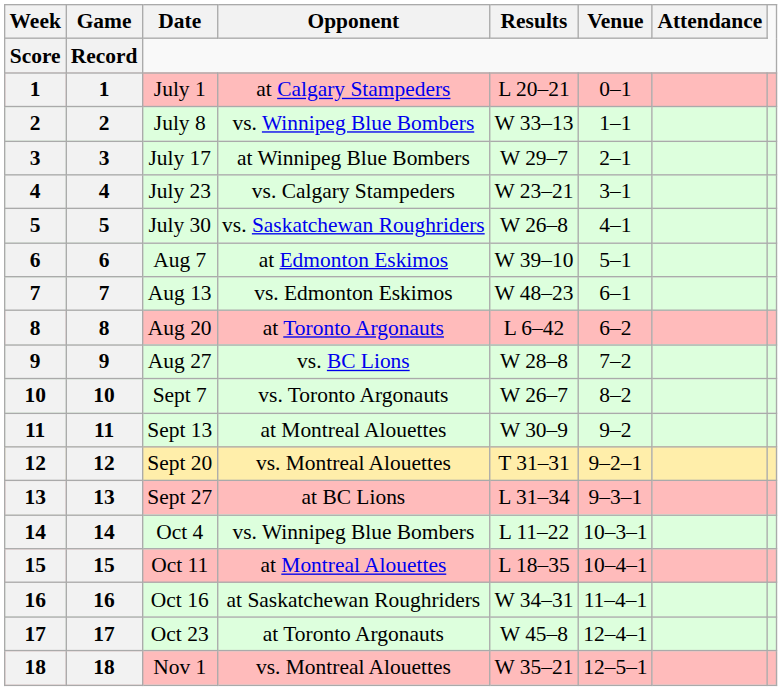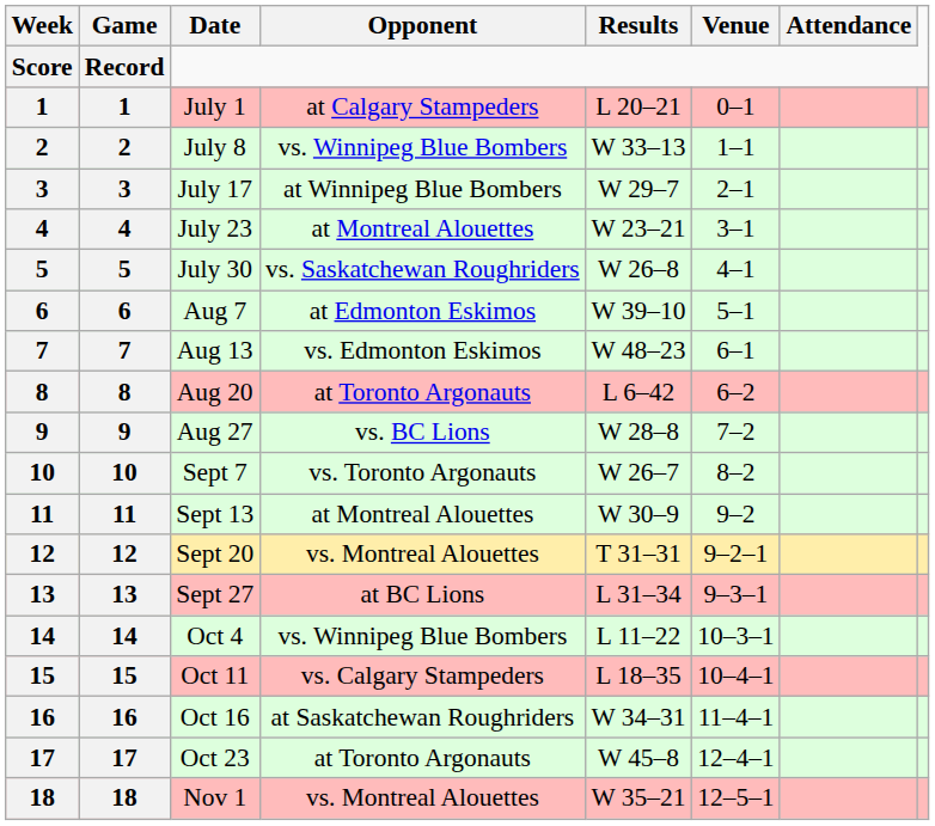 <table class="wikitable" style="text-align:center">
 <tr>
 <th>Week</th>
 <th>Game</th>
 <th>Date</th>
 <th>Opponent</th>
 <th>Results</th>
 <th>Venue</th>
 <th>Attendance</th>
 </tr>
 <tr>
 <th>Score</th>
 <th>Record</th>
 </tr>
 <tr style="background:#ffbbbb">
 <th>1</th>
 <th>1</th>
 <td>July 1</td>
 <td>at <a href='#'>Calgary Stampeders</a></td>
 <td>L 20–21</td>
 <td>0–1</td>
 <td></td>
 <td></td>
 </tr>
 <tr style="background:#ddffdd">
 <th>2</th>
 <th>2</th>
 <td>July 8</td>
 <td>vs. <a href='#'>Winnipeg Blue Bombers</a></td>
 <td>W 33–13</td>
 <td>1–1</td>
 <td></td>
 <td></td>
 </tr>
 <tr style="background:#ddffdd">
 <th>3</th>
 <th>3</th>
 <td>July 17</td>
 <td>at Winnipeg Blue Bombers</td>
 <td>W 29–7</td>
 <td>2–1</td>
 <td></td>
 <td></td>
 </tr>
 <tr style="background:#ddffdd">
 <th>4</th>
 <th>4</th>
 <td>July 23</td>
-<td>vs. Calgary Stampeders</td>
+<td>at <a href='#'>Montreal Alouettes</a></td>
 <td>W 23–21</td>
 <td>3–1</td>
 <td></td>
 <td></td>
 </tr>
 <tr style="background:#ddffdd">
 <th>5</th>
 <th>5</th>
 <td>July 30</td>
 <td>vs. <a href='#'>Saskatchewan Roughriders</a></td>
 <td>W 26–8</td>
 <td>4–1</td>
 <td></td>
 <td></td>
 </tr>
 <tr style="background:#ddffdd">
 <th>6</th>
 <th>6</th>
 <td>Aug 7</td>
 <td>at <a href='#'>Edmonton Eskimos</a></td>
 <td>W 39–10</td>
 <td>5–1</td>
 <td></td>
 <td></td>
 </tr>
 <tr style="background:#ddffdd">
 <th>7</th>
 <th>7</th>
 <td>Aug 13</td>
 <td>vs. Edmonton Eskimos</td>
 <td>W 48–23</td>
 <td>6–1</td>
 <td></td>
 <td></td>
 </tr>
 <tr style="background:#ffbbbb">
 <th>8</th>
 <th>8</th>
 <td>Aug 20</td>
 <td>at <a href='#'>Toronto Argonauts</a></td>
 <td>L 6–42</td>
 <td>6–2</td>
 <td></td>
 <td></td>
 </tr>
 <tr style="background:#ddffdd">
 <th>9</th>
 <th>9</th>
 <td>Aug 27</td>
 <td>vs. <a href='#'>BC Lions</a></td>
 <td>W 28–8</td>
 <td>7–2</td>
 <td></td>
 <td></td>
 </tr>
 <tr style="background:#ddffdd">
 <th>10</th>
 <th>10</th>
 <td>Sept 7</td>
 <td>vs. Toronto Argonauts</td>
 <td>W 26–7</td>
 <td>8–2</td>
 <td></td>
 <td></td>
 </tr>
 <tr style="background:#ddffdd">
 <th>11</th>
 <th>11</th>
 <td>Sept 13</td>
 <td>at Montreal Alouettes</td>
 <td>W 30–9</td>
 <td>9–2</td>
 <td></td>
 <td></td>
 </tr>
 <tr style="background:#ffeeaa">
 <th>12</th>
 <th>12</th>
 <td>Sept 20</td>
 <td>vs. Montreal Alouettes</td>
 <td>T 31–31</td>
 <td>9–2–1</td>
 <td></td>
 <td></td>
 </tr>
 <tr style="background:#ffbbbb">
 <th>13</th>
 <th>13</th>
 <td>Sept 27</td>
 <td>at BC Lions</td>
 <td>L 31–34</td>
 <td>9–3–1</td>
 <td></td>
 <td></td>
 </tr>
 <tr style="background:#ddffdd">
 <th>14</th>
 <th>14</th>
 <td>Oct 4</td>
 <td>vs. Winnipeg Blue Bombers</td>
 <td>L 11–22</td>
 <td>10–3–1</td>
 <td></td>
 <td></td>
 </tr>
 <tr style="background:#ffbbbb">
 <th>15</th>
 <th>15</th>
 <td>Oct 11</td>
-<td>at <a href='#'>Montreal Alouettes</a></td>
+<td>vs. Calgary Stampeders</td>
 <td>L 18–35</td>
 <td>10–4–1</td>
 <td></td>
 <td></td>
 </tr>
 <tr style="background:#ddffdd">
 <th>16</th>
 <th>16</th>
 <td>Oct 16</td>
 <td>at Saskatchewan Roughriders</td>
 <td>W 34–31</td>
 <td>11–4–1</td>
 <td></td>
 <td></td>
 </tr>
 <tr style="background:#ddffdd">
 <th>17</th>
 <th>17</th>
 <td>Oct 23</td>
 <td>at Toronto Argonauts</td>
 <td>W 45–8</td>
 <td>12–4–1</td>
 <td></td>
 <td></td>
 </tr>
 <tr style="background:#ffbbbb">
 <th>18</th>
 <th>18</th>
 <td>Nov 1</td>
 <td>vs. Montreal Alouettes</td>
 <td>W 35–21</td>
 <td>12–5–1</td>
 <td></td>
 <td></td>
 </tr>
 </table>
